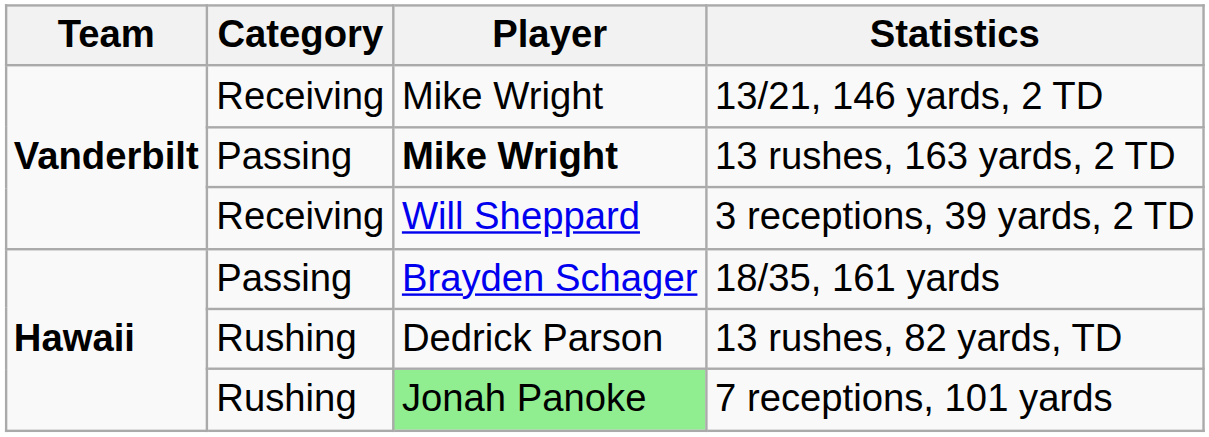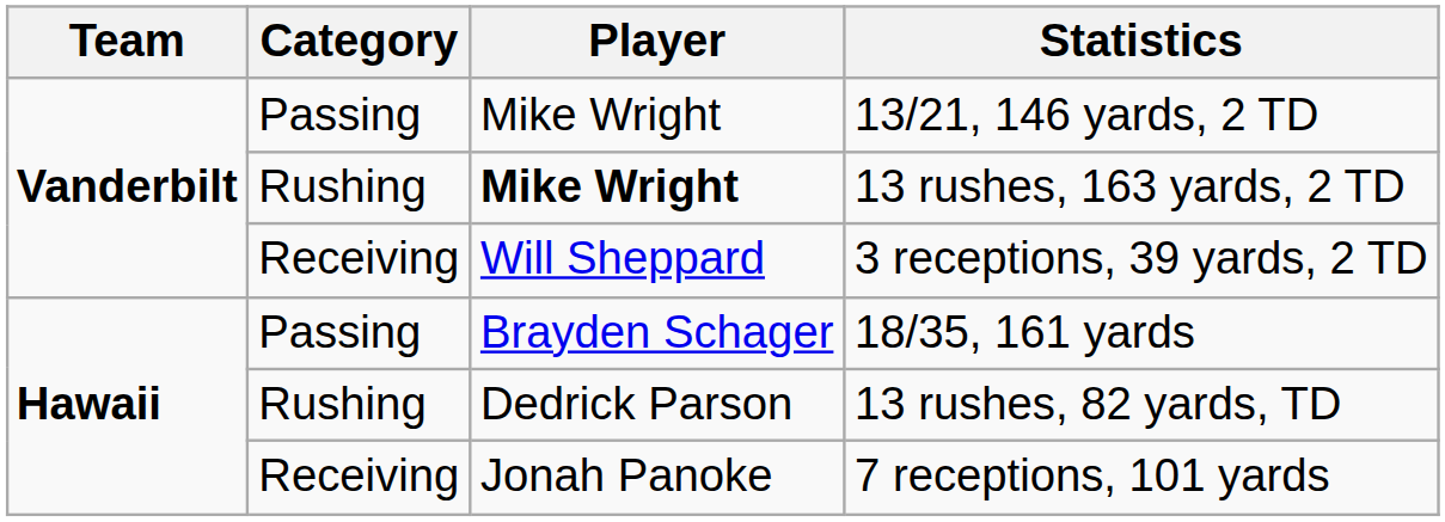 <table class="wikitable" style="float: right;">
 <tr>
 <th>Team</th>
 <th>Category</th>
 <th>Player</th>
 <th>Statistics</th>
 </tr>
 <tr>
 <td rowspan=3><strong>Vanderbilt</strong></td>
-<td>Receiving</td>
+<td>Passing</td>
 <td>Mike Wright</td>
 <td>13/21, 146 yards, 2 TD</td>
 </tr>
 <tr>
-<td>Passing</td>
+<td>Rushing</td>
 <td><strong>Mike Wright</strong></td>
 <td>13 rushes, 163 yards, 2 TD</td>
 </tr>
 <tr>
 <td>Receiving</td>
 <td><a href='#'>Will Sheppard</a></td>
 <td>3 receptions, 39 yards, 2 TD</td>
 </tr>
 <tr>
 <td rowspan=3><strong>Hawaii</strong></td>
 <td>Passing</td>
 <td><a href='#'>Brayden Schager</a></td>
 <td>18/35, 161 yards</td>
 </tr>
 <tr>
 <td>Rushing</td>
 <td>Dedrick Parson</td>
 <td>13 rushes, 82 yards, TD</td>
 </tr>
 <tr>
-<td>Rushing</td>
-<td style="background: lightgreen;">Jonah Panoke</td>
+<td>Receiving</td>
+<td>Jonah Panoke</td>
 <td>7 receptions, 101 yards</td>
 </tr>
 </table>
